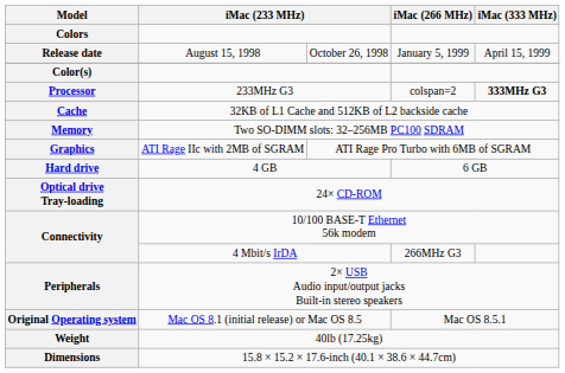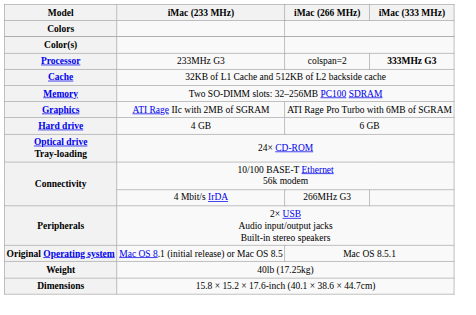 <table class="wikitable mw-collapsible" style="font-size:small; text-align:center">
 <tr>
 <th>Model</th>
 <th colspan="2">iMac (233 MHz)</th>
 <th>iMac (266 MHz)</th>
 <th>iMac (333 MHz)</th>
 </tr>
 <tr>
 <th>Colors</th>
 <td colspan=2></td>
 <td colspan=2></td>
-</tr>
-<tr>
-<th>Release date</th>
-<td>August 15, 1998</td>
-<td>October 26, 1998</td>
-<td>January 5, 1999</td>
-<td>April 15, 1999</td>
 </tr>
 <tr>
 </tr>
 <tr>
 <th>Color(s)</th>
 <td colspan=2></td>
 <td colspan=2>    </td>
 </tr>
 <tr>
 <th><a href='#'>Processor</a></th>
 <td colspan=2>233MHz G3</td>
 <td>colspan=2 </td>
 <td><strong>333MHz G3</strong></td>
 </tr>
 <tr>
 <th><a href='#'>Cache</a></th>
 <td colspan=4>32KB of L1 Cache and 512KB of L2 backside cache</td>
 </tr>
 <tr>
 <th><a href='#'>Memory</a></th>
 <td colspan=4>Two SO-DIMM slots: 32–256MB <a href='#'>PC100</a> <a href='#'>SDRAM</a></td>
 </tr>
 <tr>
 <th><a href='#'>Graphics</a></th>
 <td colspan=1><a href='#'>ATI Rage</a> IIc with 2MB of SGRAM</td>
 <td colspan=3>ATI Rage Pro Turbo with 6MB of SGRAM</td>
 </tr>
 <tr>
 <th><a href='#'>Hard drive</a></th>
 <td colspan=2>4 GB</td>
 <td colspan=2>6 GB</td>
 </tr>
 <tr>
 <th><a href='#'>Optical drive</a><br>Tray-loading</th>
 <td colspan=4>24× <a href='#'>CD-ROM</a></td>
 </tr>
 <tr>
 <th rowspan=2>Connectivity</th>
 <td colspan=4>10/100 BASE-T <a href='#'>Ethernet</a><br>56k modem</td>
 </tr>
 <tr>
 <td colspan=2>4 Mbit/s <a href='#'>IrDA</a></td>
 <td>266MHz G3</td>
 </tr>
 <tr>
 <th>Peripherals</th>
 <td colspan=4>2× <a href='#'>USB</a><br>Audio input/output jacks<br>Built-in stereo speakers</td>
 </tr>
 <tr>
 <th>Original <a href='#'>Operating system</a></th>
 <td colspan=2><a href='#'>Mac OS 8</a>.1 (initial release) or Mac OS 8.5</td>
 <td colspan=2>Mac OS 8.5.1</td>
 </tr>
 <tr>
 <th>Weight</th>
 <td colspan=4>40lb (17.25kg)</td>
 </tr>
 <tr>
 <th>Dimensions</th>
 <td colspan=4>15.8 × 15.2 × 17.6-inch (40.1 × 38.6 × 44.7cm)</td>
 </tr>
 </table>
